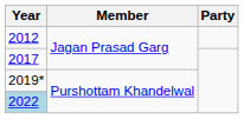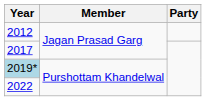 <table class="wikitable sortable">
 <tr>
 <th>Year</th>
 <th>Member</th>
 <th colspan="2">Party</th>
 </tr>
 <tr>
 <td><a href='#'>2012</a></td>
 <td rowspan ="2"><a href='#'>Jagan Prasad Garg</a></td>
 <td></td>
 </tr>
 <tr>
 <td><a href='#'>2017</a></td>
 </tr>
 <tr>
-<td>2019*</td>
+<td style="background: lightblue;">2019*</td>
 <td rowspan="2"><a href='#'>Purshottam Khandelwal</a></td>
 </tr>
 <tr>
-<td style="background: lightblue;"><a href='#'>2022</a></td>
+<td><a href='#'>2022</a></td>
 </tr>
 </table>
